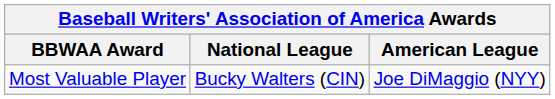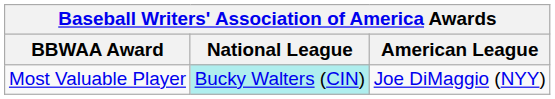 <table class="wikitable">
 <tr>
 <th colspan="3"><a href='#'>Baseball Writers' Association of America</a> Awards</th>
 </tr>
 <tr>
 <th>BBWAA Award</th>
 <th>National League</th>
 <th>American League</th>
 </tr>
 <tr>
 <td><a href='#'>Most Valuable Player</a></td>
-<td><a href='#'>Bucky Walters</a> (<a href='#'>CIN</a>)</td>
+<td style="background: paleturquoise;"><a href='#'>Bucky Walters</a> (<a href='#'>CIN</a>)</td>
 <td><a href='#'>Joe DiMaggio</a> (<a href='#'>NYY</a>)</td>
 </tr>
 </table>
